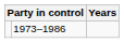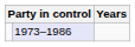 <table class="wikitable">
 <tr>
 <th colspan=2>Party in control</th>
 <th>Years</th>
 </tr>
 <tr>
 <td></td>
-<td>1973–1986</td>
+<td style="background: lavender;">1973–1986</td>
 </tr>
 </table>
